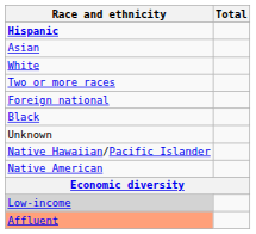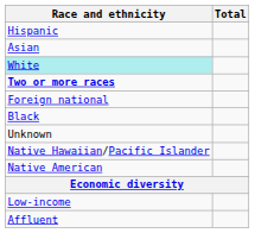 <table class="wikitable floatright sortable collapsible"; text-align:right; font-size:80%;">
 <tr>
 <th>Race and ethnicity</th>
 <th colspan="2" data-sort-type=number>Total</th>
 </tr>
 <tr>
-<td><strong><a href='#'>Hispanic</a></strong></td>
+<td><a href='#'>Hispanic</a></td>
 <td align=right></td>
 </tr>
 <tr>
 <td><a href='#'>Asian</a></td>
 <td align=right></td>
 </tr>
 <tr>
-<td><a href='#'>White</a></td>
+<td style="background: paleturquoise;"><a href='#'>White</a></td>
 <td align=right></td>
 </tr>
 <tr>
-<td><a href='#'>Two or more races</a></td>
+<td><strong><a href='#'>Two or more races</a></strong></td>
 <td align=right></td>
 </tr>
 <tr>
 <td><a href='#'>Foreign national</a></td>
 <td align=right></td>
 </tr>
 <tr>
 <td><a href='#'>Black</a></td>
 <td align=right></td>
 </tr>
 <tr>
 <td>Unknown</td>
 <td align=right></td>
 </tr>
 <tr>
 <td><a href='#'>Native Hawaiian</a>/<a href='#'>Pacific Islander</a></td>
 <td align=right></td>
 </tr>
 <tr>
 <td><a href='#'>Native American</a></td>
 <td align=right></td>
 </tr>
 <tr>
 <th colspan="4" data-sort-type=number><a href='#'>Economic diversity</a></th>
 </tr>
 <tr>
-<td style="background: lightgrey;"><a href='#'>Low-income</a></td>
+<td><a href='#'>Low-income</a></td>
 <td align=right></td>
 </tr>
 <tr>
-<td style="background: lightsalmon;"><a href='#'>Affluent</a></td>
+<td><a href='#'>Affluent</a></td>
 <td align=right></td>
 </tr>
 </table>
